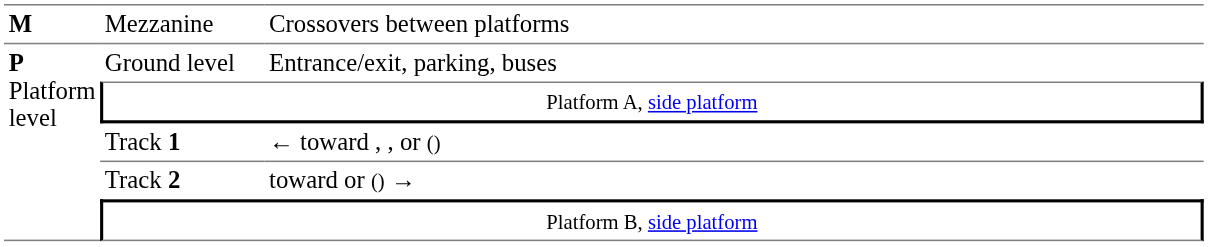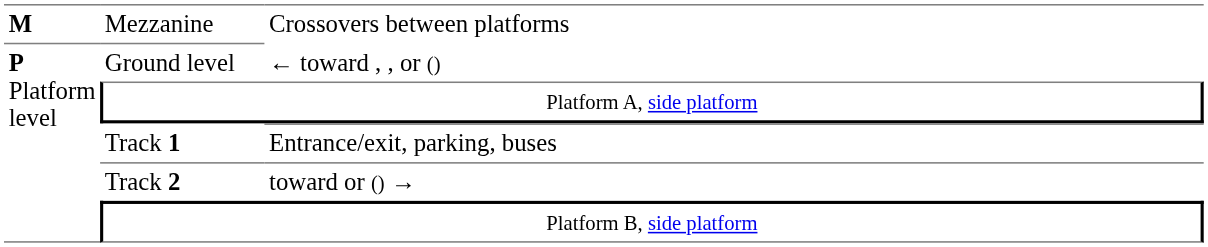 <table table border=0 cellspacing=0 cellpadding=3>
 <tr>
 <td style="border-top:solid 1px gray;" width=50><strong>M</strong></td>
 <td style="border-top:solid 1px gray;" width=100>Mezzanine</td>
 <td style="border-top:solid 1px gray;" width=600>Crossovers between platforms</td>
 </tr>
 <tr>
 <td style="border-top:solid 1px gray;border-bottom:solid 1px gray;" rowspan=6 valign=top><strong>P</strong><br>Platform level</td>
 <td style="border-top:solid 1px gray;">Ground level</td>
-<td style="border-top:solid 1px gray;">Entrance/exit, parking, buses</td>
+<td>←  toward , , or  <small>()</small></td>
 </tr>
 <tr>
 <td style="border-top:solid 1px gray;border-right:solid 2px black;border-left:solid 2px black;border-bottom:solid 2px black;text-align:center;" colspan=2><small>Platform A, <a href='#'>side platform</a></small> </td>
 </tr>
 <tr>
 <td>Track <strong>1</strong></td>
-<td>←  toward , , or  <small>()</small></td>
+<td style="border-top:solid 1px gray;">Entrance/exit, parking, buses</td>
 </tr>
 <tr>
 <td style="border-top:solid 1px gray">Track <strong>2</strong></td>
 <td style="border-top:solid 1px gray">  toward  or  <small>()</small> →</td>
 </tr>
 <tr>
 <td style="border-bottom:solid 1px gray;border-right:solid 2px black;border-left:solid 2px black;border-top:solid 2px black;text-align:center;" colspan=2><small>Platform B, <a href='#'>side platform</a></small></td>
 </tr>
 </table>
